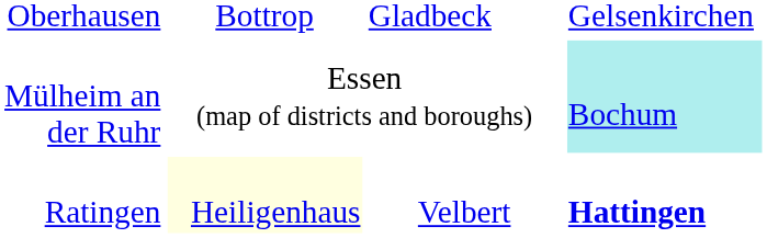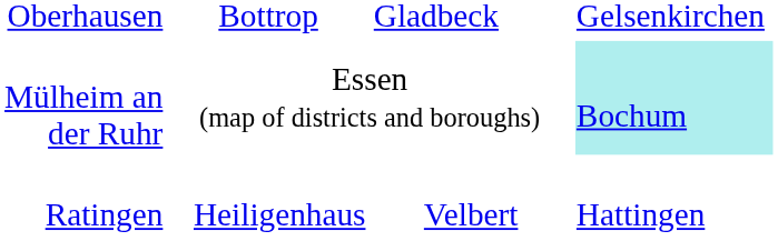 <table style="width: 400px; float: right; clear: right;">
 <tr>
 <td style="text-align:right; width:25%; vertical-align:bottom;"><br><a href='#'>Oberhausen</a></td>
 <td style="text-align:center; width:10%; vertical-align:bottom;"><br><a href='#'>Bottrop</a></td>
 <td style="text-align:left; width:15%; vertical-align:bottom;"><br><a href='#'>Gladbeck</a></td>
 <td style="text-align:left; width:25%; vertical-align:bottom;"><br><a href='#'>Gelsenkirchen</a></td>
 </tr>
 <tr>
 <td style="width:25%; text-align:right;"><br><a href='#'>Mülheim an der Ruhr</a></td>
 <td style="width:50%; text-align:center;" colspan="2"> Essen<br><small>(map of districts and boroughs)</small></td>
 <td style="background: paleturquoise; width:25%; text-align:left;"><br><a href='#'>Bochum</a></td>
 </tr>
 <tr>
 <td style="text-align:right; width:25%; vertical-align:top;"><br><a href='#'>Ratingen</a></td>
-<td style="background: lightyellow; text-align:right; width:25%; vertical-align:top;"><br><a href='#'>Heiligenhaus</a></td>
+<td style="text-align:right; width:25%; vertical-align:top;"><br><a href='#'>Heiligenhaus</a></td>
 <td style="text-align:center; width:25%; vertical-align:top;"><br><a href='#'>Velbert</a></td>
-<td style="text-align:left; width:25%; vertical-align:top;"><strong><br><a href='#'>Hattingen</a></strong></td>
+<td style="text-align:left; width:25%; vertical-align:top;"><br><a href='#'>Hattingen</a></td>
 </tr>
 <tr>
 </tr>
 </table>
